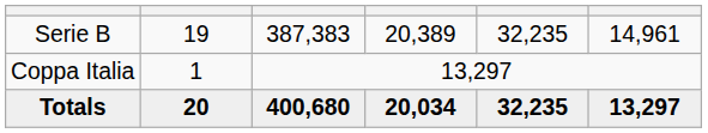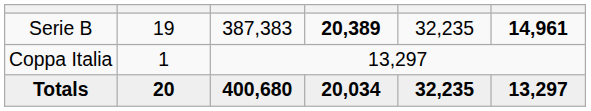 <table class="wikitable" style="text-align: center;">
 <tr>
 <th></th>
 <th style="width:70px;"></th>
 <th style="width:70px;"></th>
 <th style="width:70px;"></th>
 <th style="width:70px;"></th>
 <th style="width:70px;"></th>
 </tr>
 <tr>
 <td align=center>Serie B</td>
 <td>19</td>
 <td>387,383</td>
-<td>20,389</td>
+<td><strong>20,389</strong></td>
 <td>32,235</td>
-<td>14,961</td>
+<td><strong>14,961</strong></td>
 </tr>
 <tr>
 <td align=center>Coppa Italia</td>
 <td>1</td>
 <td colspan="4">13,297</td>
 </tr>
 <tr bgcolor="#EFEFEF">
 <td><strong>Totals</strong></td>
 <td><strong>20</strong></td>
 <td><strong>400,680</strong></td>
 <td><strong>20,034</strong></td>
 <td><strong>32,235</strong></td>
 <td><strong>13,297</strong></td>
 </tr>
 </table>
